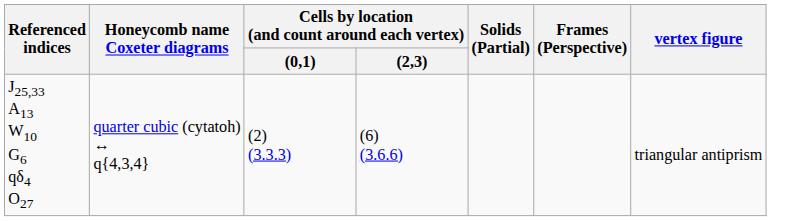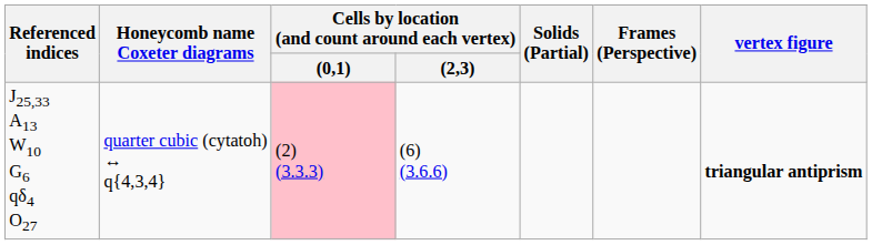 <table class="wikitable">
 <tr>
 <th rowspan=2>Referenced<br>indices</th>
 <th rowspan=2>Honeycomb name<br><a href='#'>Coxeter diagrams</a><br></th>
 <th colspan=2>Cells by location<br>(and count around each vertex)</th>
 <th rowspan=2>Solids<br>(Partial)</th>
 <th rowspan=2>Frames<br>(Perspective)</th>
 <th rowspan=2><a href='#'>vertex figure</a></th>
 </tr>
 <tr>
 <th>(0,1)<br></th>
 <th>(2,3)<br></th>
 </tr>
 <tr>
 <td>J<sub>25,33</sub><br>A<sub>13</sub><br>W<sub>10</sub><br>G<sub>6</sub><br>qδ<sub>4</sub><br>O<sub>27</sub></td>
 <td><a href='#'>quarter cubic</a> (cytatoh)<br> ↔ <br>q{4,3,4}</td>
-<td> (2)<br><a href='#'>(3.3.3)</a></td>
+<td style="background: pink;"> (2)<br><a href='#'>(3.3.3)</a></td>
 <td> (6)<br><a href='#'>(3.6.6)</a></td>
 <td></td>
 <td></td>
-<td><br>triangular antiprism</td>
+<td><strong><br>triangular antiprism</strong></td>
 </tr>
 </table>
